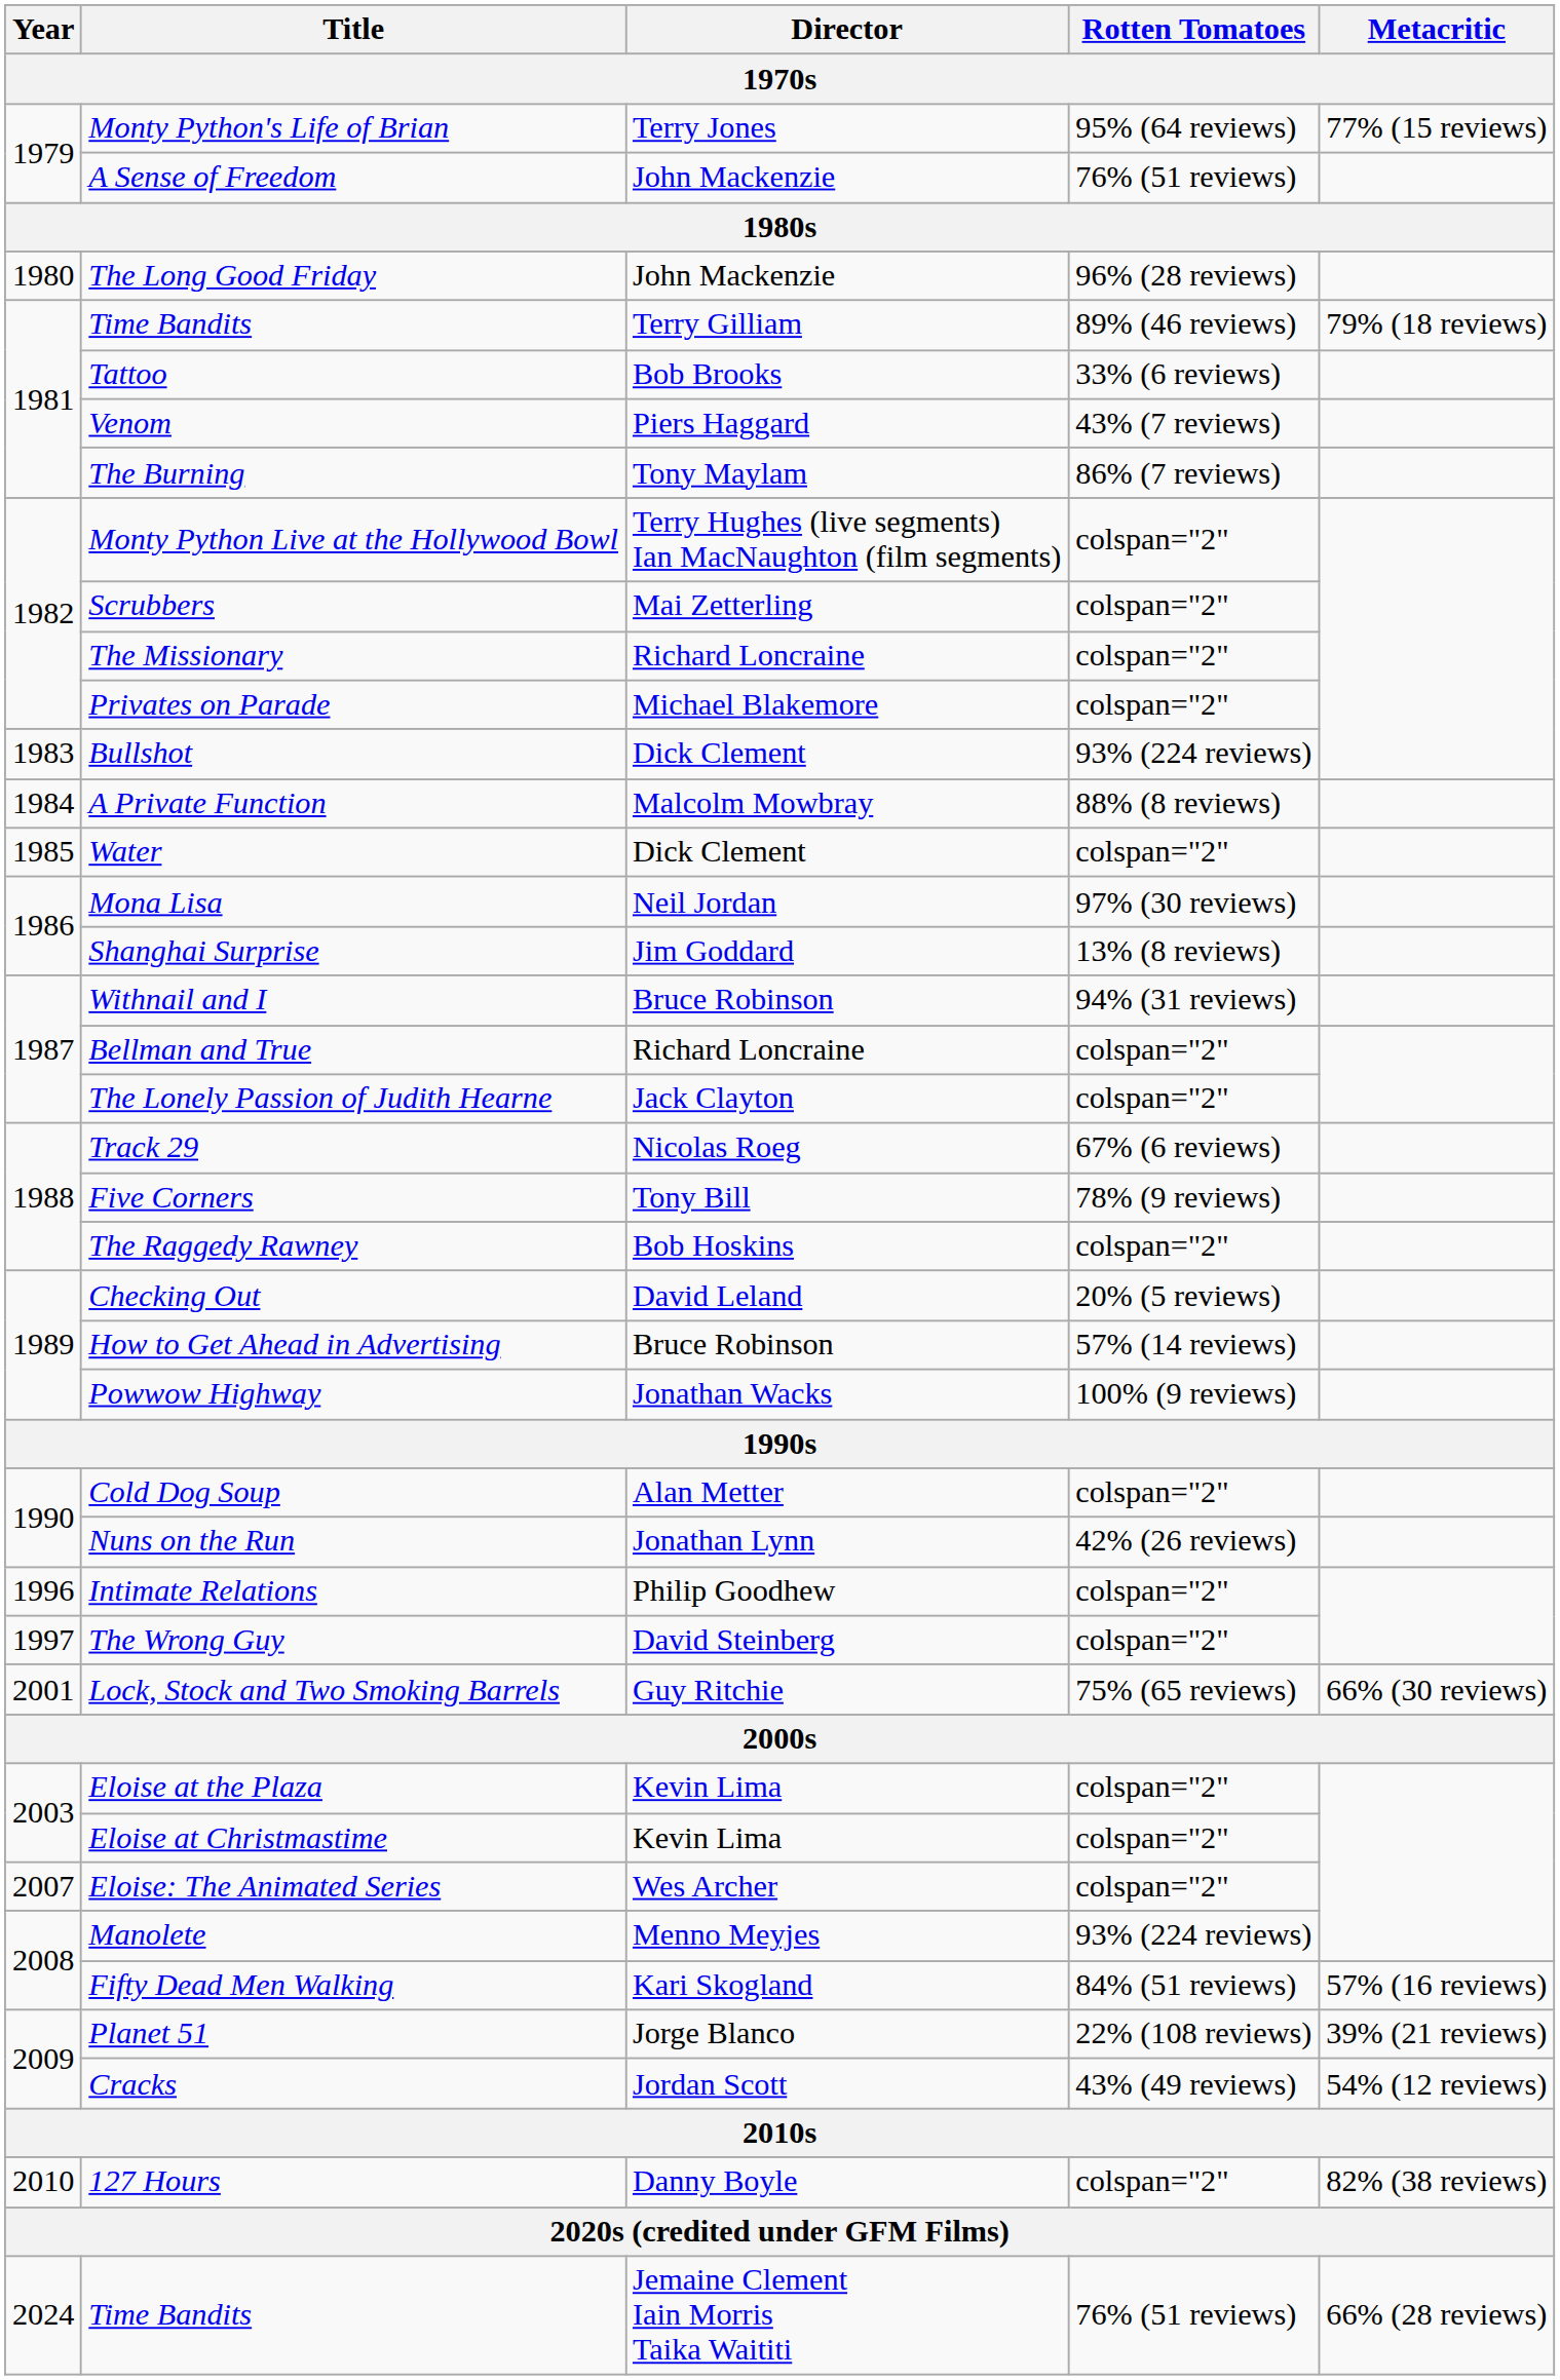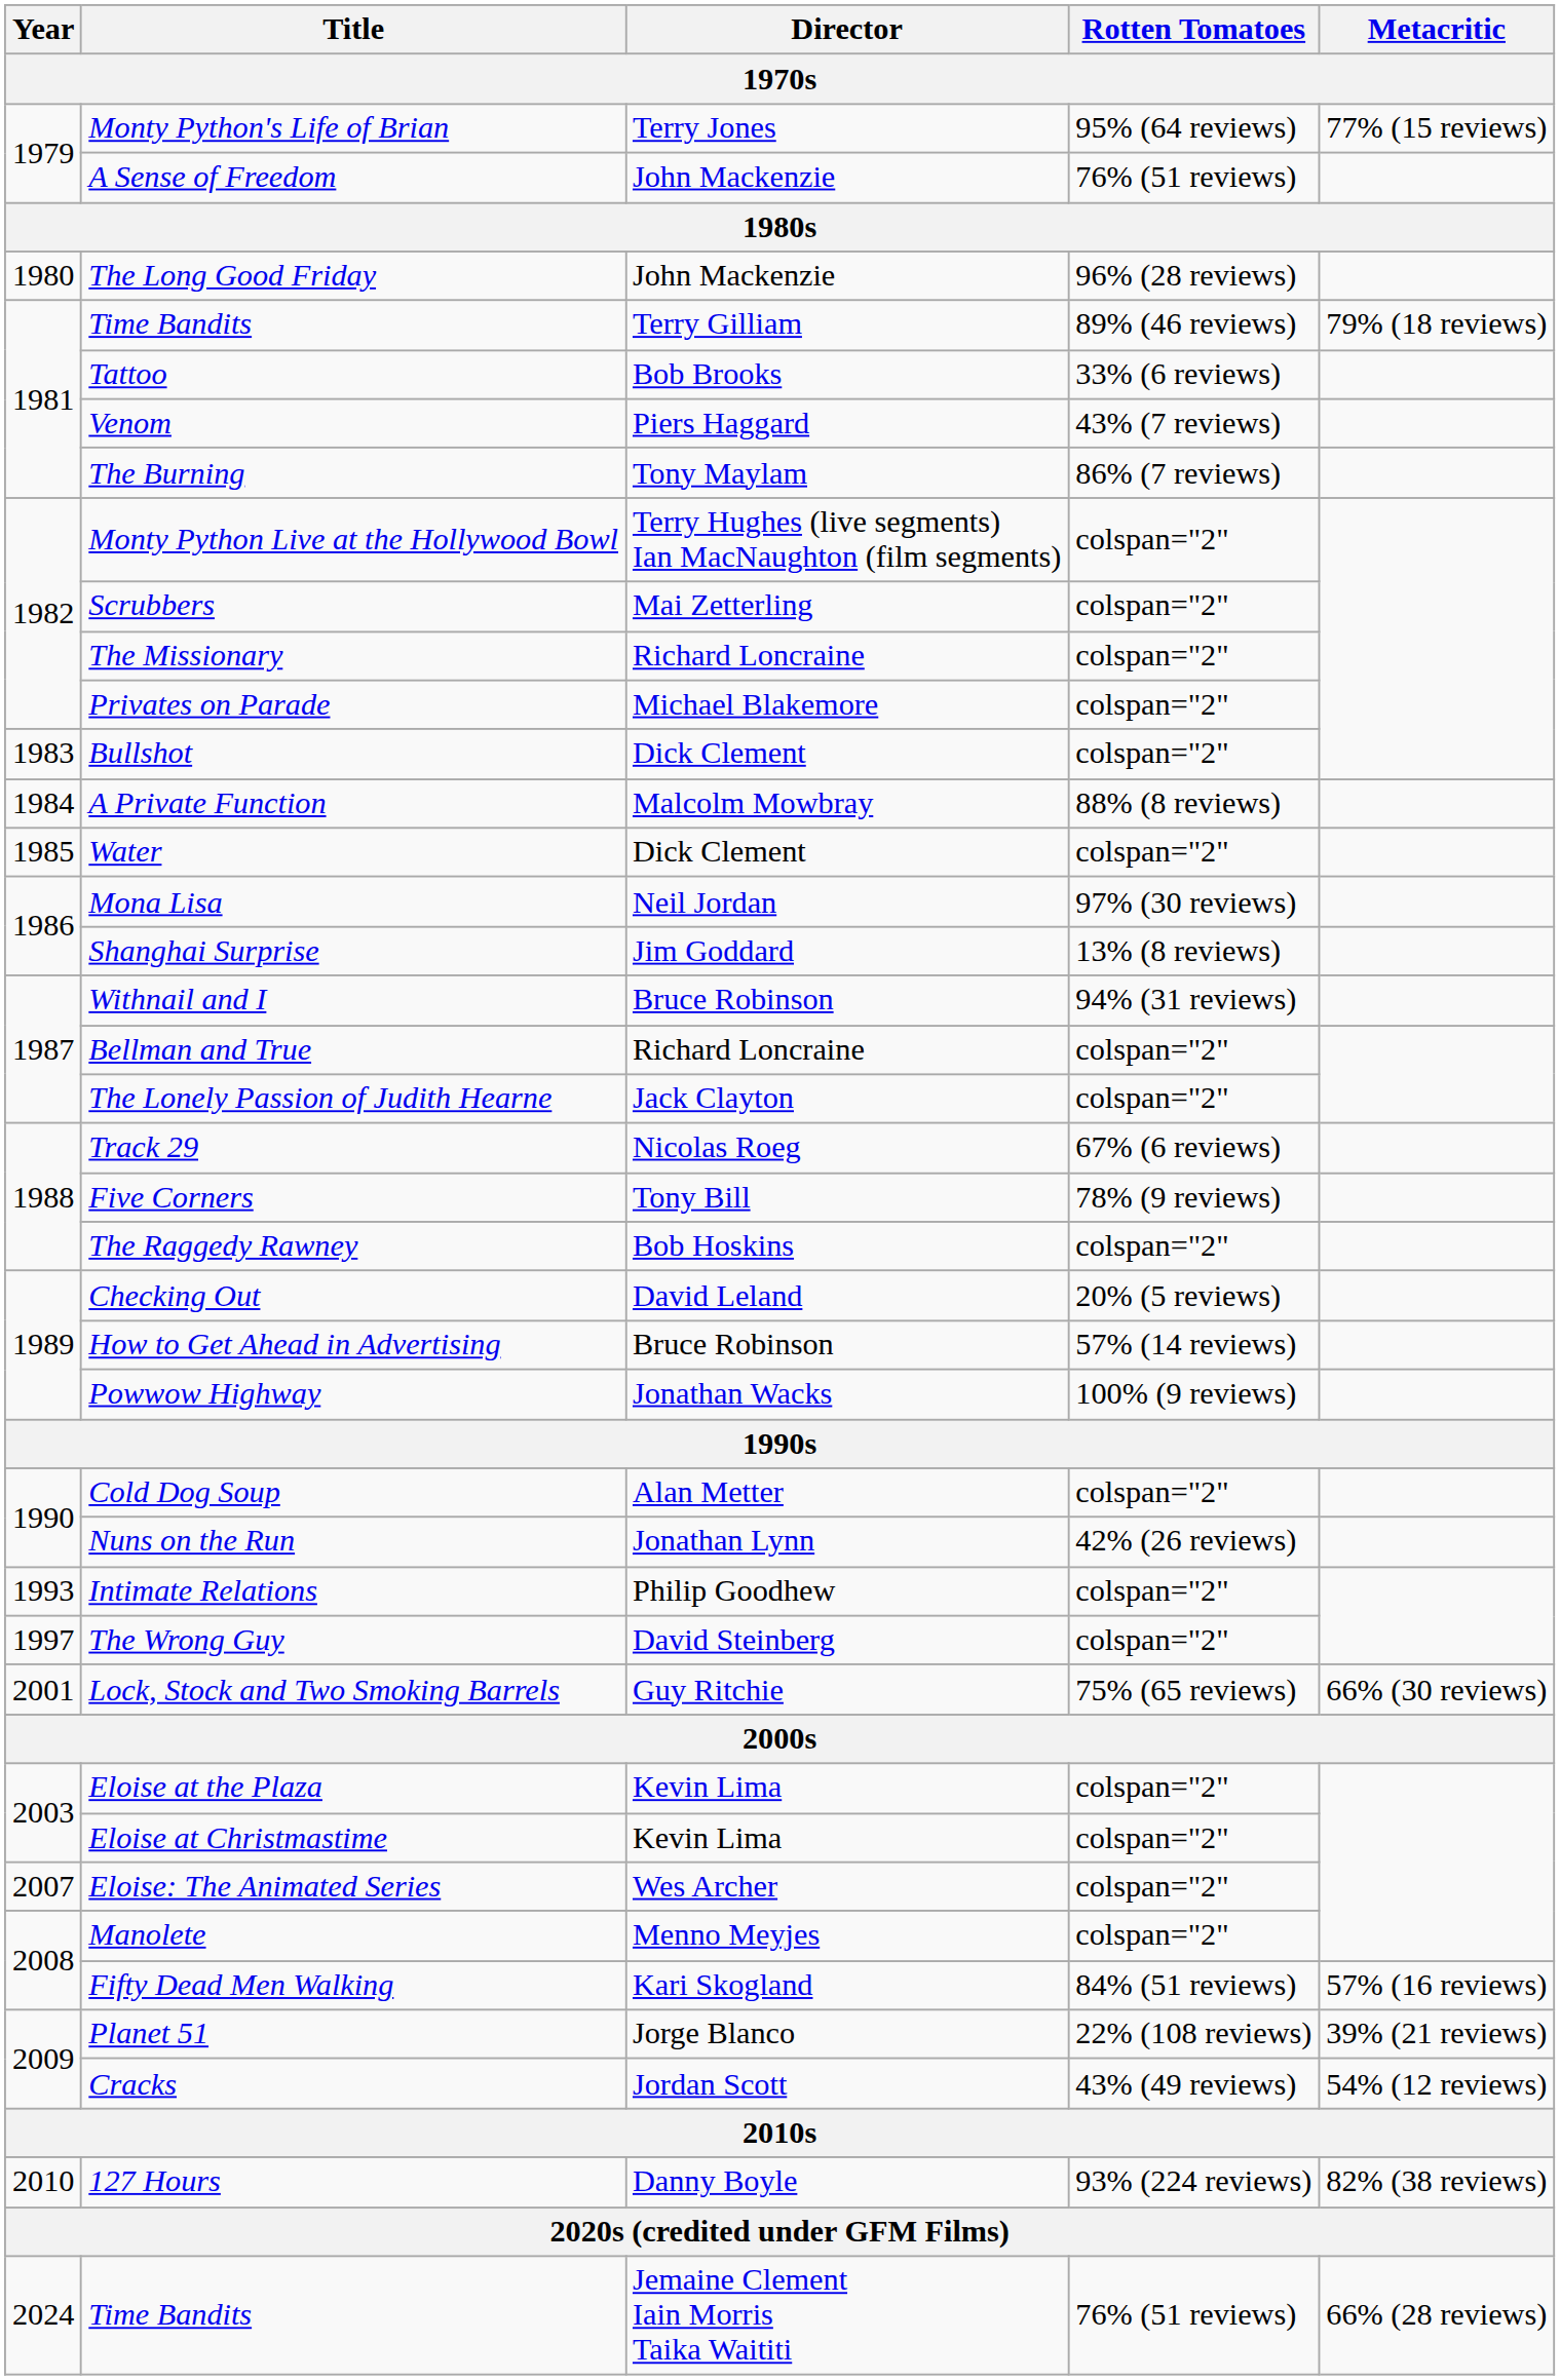 <table class="wikitable">
 <tr>
 <th>Year</th>
 <th>Title</th>
 <th>Director</th>
 <th><a href='#'>Rotten Tomatoes</a></th>
 <th><a href='#'>Metacritic</a></th>
 </tr>
 <tr>
 <th colspan="5">1970s</th>
 </tr>
 <tr>
 <td rowspan="2">1979</td>
 <td><em><a href='#'>Monty Python's Life of Brian</a></em></td>
 <td><a href='#'>Terry Jones</a></td>
 <td>95% (64 reviews)</td>
 <td>77% (15 reviews)</td>
 </tr>
 <tr>
 <td><em><a href='#'>A Sense of Freedom</a></em></td>
 <td><a href='#'>John Mackenzie</a></td>
 <td>76% (51 reviews)</td>
 </tr>
 <tr>
 <th colspan="5">1980s</th>
 </tr>
 <tr>
 <td>1980</td>
 <td><em><a href='#'>The Long Good Friday</a></em></td>
 <td>John Mackenzie</td>
 <td>96% (28 reviews)</td>
 <td></td>
 </tr>
 <tr>
 <td rowspan="4">1981</td>
 <td><em><a href='#'>Time Bandits</a></em></td>
 <td><a href='#'>Terry Gilliam</a></td>
 <td>89% (46 reviews)</td>
 <td>79% (18 reviews)</td>
 </tr>
 <tr>
 <td><em><a href='#'>Tattoo</a></em></td>
 <td><a href='#'>Bob Brooks</a></td>
 <td>33% (6 reviews)</td>
 <td></td>
 </tr>
 <tr>
 <td><em><a href='#'>Venom</a></em></td>
 <td><a href='#'>Piers Haggard</a></td>
 <td>43% (7 reviews)</td>
 <td></td>
 </tr>
 <tr>
 <td><em><a href='#'>The Burning</a></em></td>
 <td><a href='#'>Tony Maylam</a></td>
 <td>86% (7 reviews)</td>
 <td></td>
 </tr>
 <tr>
 <td rowspan="4">1982</td>
 <td><em><a href='#'>Monty Python Live at the Hollywood Bowl</a></em></td>
 <td><a href='#'>Terry Hughes</a> (live segments)<br><a href='#'>Ian MacNaughton</a> (film segments)</td>
 <td>colspan="2" </td>
 </tr>
 <tr>
 <td><em><a href='#'>Scrubbers</a></em></td>
 <td><a href='#'>Mai Zetterling</a></td>
 <td>colspan="2" </td>
 </tr>
 <tr>
 <td><em><a href='#'>The Missionary</a></em></td>
 <td><a href='#'>Richard Loncraine</a></td>
 <td>colspan="2" </td>
 </tr>
 <tr>
 <td><em><a href='#'>Privates on Parade</a></em></td>
 <td><a href='#'>Michael Blakemore</a></td>
 <td>colspan="2" </td>
 </tr>
 <tr>
 <td>1983</td>
 <td><em><a href='#'>Bullshot</a></em></td>
 <td><a href='#'>Dick Clement</a></td>
-<td>93% (224 reviews)</td>
+<td>colspan="2" </td>
 </tr>
 <tr>
 <td>1984</td>
 <td><em><a href='#'>A Private Function</a></em></td>
 <td><a href='#'>Malcolm Mowbray</a></td>
 <td>88% (8 reviews)</td>
 <td></td>
 </tr>
 <tr>
 <td>1985</td>
 <td><em><a href='#'>Water</a></em></td>
 <td>Dick Clement</td>
 <td>colspan="2" </td>
 </tr>
 <tr>
 <td rowspan="2">1986</td>
 <td><em><a href='#'>Mona Lisa</a></em></td>
 <td><a href='#'>Neil Jordan</a></td>
 <td>97% (30 reviews)</td>
 <td></td>
 </tr>
 <tr>
 <td><em><a href='#'>Shanghai Surprise</a></em></td>
 <td><a href='#'>Jim Goddard</a></td>
 <td>13% (8 reviews)</td>
 <td></td>
 </tr>
 <tr>
 <td rowspan="3">1987</td>
 <td><em><a href='#'>Withnail and I</a></em></td>
 <td><a href='#'>Bruce Robinson</a></td>
 <td>94% (31 reviews)</td>
 <td></td>
 </tr>
 <tr>
 <td><em><a href='#'>Bellman and True</a></em></td>
 <td>Richard Loncraine</td>
 <td>colspan="2" </td>
 </tr>
 <tr>
 <td><em><a href='#'>The Lonely Passion of Judith Hearne</a></em></td>
 <td><a href='#'>Jack Clayton</a></td>
 <td>colspan="2" </td>
 </tr>
 <tr>
 <td rowspan="3">1988</td>
 <td><em><a href='#'>Track 29</a></em></td>
 <td><a href='#'>Nicolas Roeg</a></td>
 <td>67% (6 reviews)</td>
 <td></td>
 </tr>
 <tr>
 <td><em><a href='#'>Five Corners</a></em></td>
 <td><a href='#'>Tony Bill</a></td>
 <td>78% (9 reviews)</td>
 <td></td>
 </tr>
 <tr>
 <td><em><a href='#'>The Raggedy Rawney</a></em></td>
 <td><a href='#'>Bob Hoskins</a></td>
 <td>colspan="2" </td>
 </tr>
 <tr>
 <td rowspan="3">1989</td>
 <td><em><a href='#'>Checking Out</a></em></td>
 <td><a href='#'>David Leland</a></td>
 <td>20% (5 reviews)</td>
 <td></td>
 </tr>
 <tr>
 <td><em><a href='#'>How to Get Ahead in Advertising</a></em></td>
 <td>Bruce Robinson</td>
 <td>57% (14 reviews)</td>
 <td></td>
 </tr>
 <tr>
 <td><em><a href='#'>Powwow Highway</a></em></td>
 <td><a href='#'>Jonathan Wacks</a></td>
 <td>100% (9 reviews)</td>
 <td></td>
 </tr>
 <tr>
 <th colspan="5">1990s</th>
 </tr>
 <tr>
 <td rowspan="2">1990</td>
 <td><em><a href='#'>Cold Dog Soup</a></em></td>
 <td><a href='#'>Alan Metter</a></td>
 <td>colspan="2" </td>
 </tr>
 <tr>
 <td><em><a href='#'>Nuns on the Run</a></em></td>
 <td><a href='#'>Jonathan Lynn</a></td>
 <td>42% (26 reviews)</td>
 <td></td>
 </tr>
 <tr>
-<td>1996</td>
+<td>1993</td>
 <td><em><a href='#'>Intimate Relations</a></em></td>
 <td>Philip Goodhew</td>
 <td>colspan="2" </td>
 </tr>
 <tr>
 <td>1997</td>
 <td><em><a href='#'>The Wrong Guy</a></em></td>
 <td><a href='#'>David Steinberg</a></td>
 <td>colspan="2" </td>
 </tr>
 <tr>
 <td>2001</td>
 <td><em><a href='#'>Lock, Stock and Two Smoking Barrels</a></em></td>
 <td><a href='#'>Guy Ritchie</a></td>
 <td>75% (65 reviews)</td>
 <td>66% (30 reviews)</td>
 </tr>
 <tr>
 <th colspan="7">2000s</th>
 </tr>
 <tr>
 <td rowspan="2">2003</td>
 <td><em><a href='#'>Eloise at the Plaza</a></em></td>
 <td><a href='#'>Kevin Lima</a></td>
 <td>colspan="2" </td>
 </tr>
 <tr>
 <td><em><a href='#'>Eloise at Christmastime</a></em></td>
 <td>Kevin Lima</td>
 <td>colspan="2" </td>
 </tr>
 <tr>
 <td>2007</td>
 <td><em><a href='#'>Eloise: The Animated Series</a></em></td>
 <td><a href='#'>Wes Archer</a></td>
 <td>colspan="2" </td>
 </tr>
 <tr>
 <td rowspan="2">2008</td>
 <td><em><a href='#'>Manolete</a></em></td>
 <td><a href='#'>Menno Meyjes</a></td>
-<td>93% (224 reviews)</td>
+<td>colspan="2" </td>
 </tr>
 <tr>
 <td><em><a href='#'>Fifty Dead Men Walking</a></em></td>
 <td><a href='#'>Kari Skogland</a></td>
 <td>84% (51 reviews)</td>
 <td>57% (16 reviews)</td>
 </tr>
 <tr>
 <td rowspan="2">2009</td>
 <td><em><a href='#'>Planet 51</a></em></td>
 <td>Jorge Blanco</td>
 <td>22% (108 reviews)</td>
 <td>39% (21 reviews)</td>
 </tr>
 <tr>
 <td><em><a href='#'>Cracks</a></em></td>
 <td><a href='#'>Jordan Scott</a></td>
 <td>43% (49 reviews)</td>
 <td>54% (12 reviews)</td>
 </tr>
 <tr>
 <th colspan="5">2010s</th>
 </tr>
 <tr>
 <td>2010</td>
 <td><em><a href='#'>127 Hours</a></em></td>
 <td><a href='#'>Danny Boyle</a></td>
-<td>colspan="2" </td>
+<td>93% (224 reviews)</td>
 <td>82% (38 reviews)</td>
 </tr>
 <tr>
 <th colspan="5">2020s (credited under GFM Films)</th>
 </tr>
 <tr>
 <td>2024</td>
 <td><em><a href='#'>Time Bandits</a></em></td>
 <td><a href='#'>Jemaine Clement</a><br><a href='#'>Iain Morris</a><br><a href='#'>Taika Waititi</a></td>
 <td>76% (51 reviews)</td>
 <td>66% (28 reviews)</td>
 </tr>
 </table>
